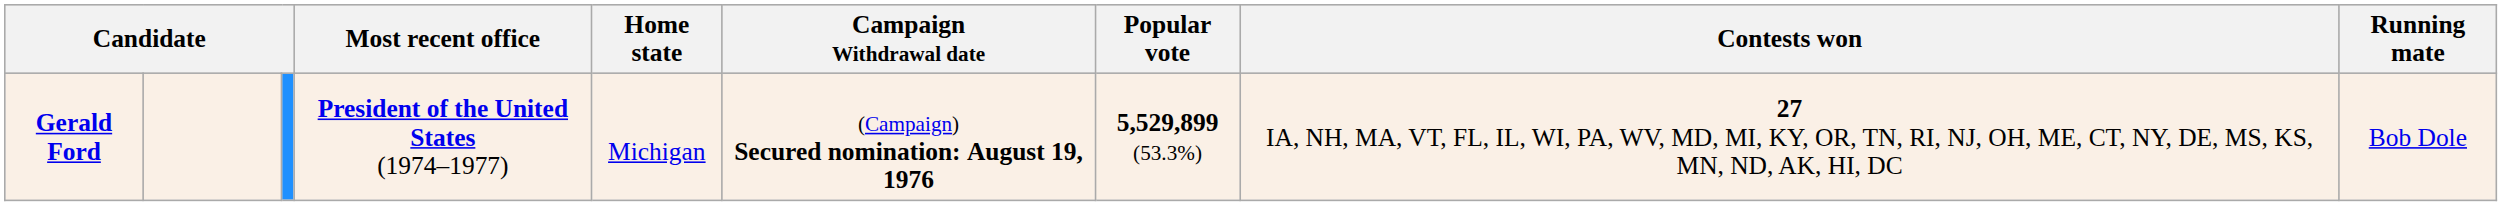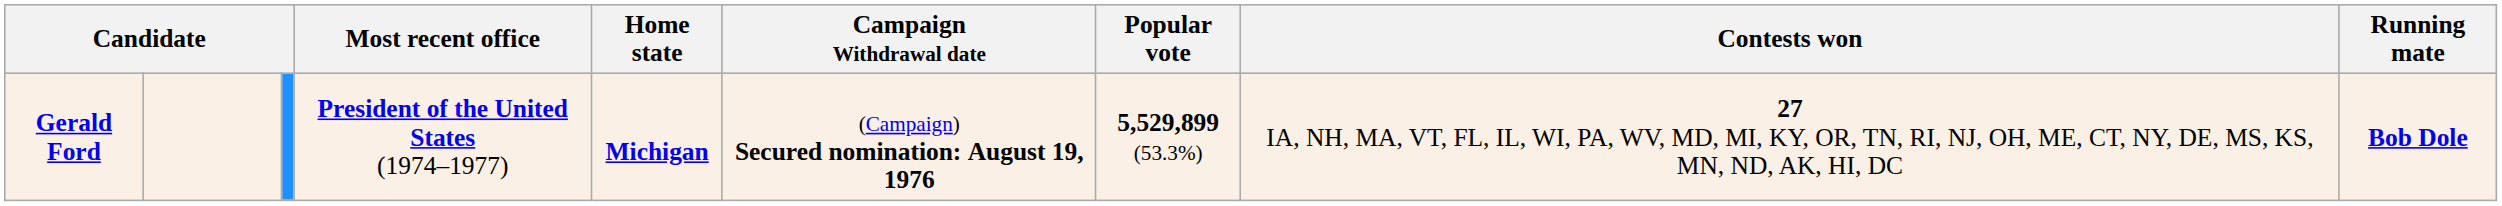 <table class="sortable wikitable" style="text-align:center;">
 <tr>
 <th colspan="3">Candidate</th>
 <th class="unsortable">Most recent office</th>
 <th>Home state</th>
 <th data-sort-type="date">Campaign<br><small>Withdrawal date</small></th>
 <th>Popular vote</th>
 <th>Contests won</th>
 <th>Running mate</th>
 </tr>
 <tr style="background:linen;">
 <th style="background:linen;" scope="row" data-sort-=""><a href='#'>Gerald Ford</a></th>
 <td style="min-width:80px;"></td>
 <td style="background:#1E90FF;"></td>
 <td><strong><a href='#'>President of the United States</a></strong><br>(1974–1977)</td>
-<td><br><a href='#'>Michigan</a></td>
+<td><strong><br><a href='#'>Michigan</a></strong></td>
 <td data-sort-value="0"><br><small>(<a href='#'>Campaign</a>)</small><br><strong>Secured nomination:</strong> <strong>August 19, 1976</strong></td>
 <td data-sort-value="5,529,899"><strong>5,529,899</strong><br><small>(53.3%)</small></td>
 <td data-sort-value="27"><strong>27</strong><br>IA, NH, MA, VT, FL, IL, WI, PA, WV, MD, MI, KY, OR, TN, RI, NJ, OH, ME, CT, NY, DE, MS, KS, MN, ND, AK, HI, DC</td>
-<td><a href='#'>Bob Dole</a></td>
+<td><strong><a href='#'>Bob Dole</a></strong></td>
 </tr>
 </table>
